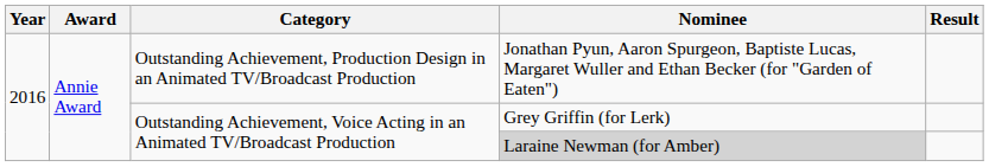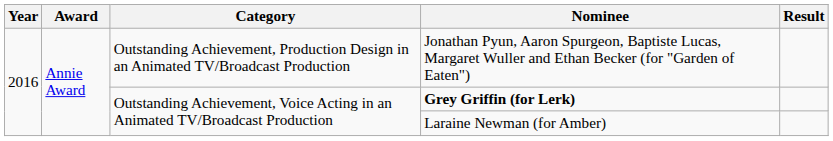 <table class=wikitable>
 <tr>
 <th>Year</th>
 <th>Award</th>
 <th>Category</th>
 <th>Nominee</th>
 <th>Result</th>
 </tr>
 <tr>
 <td rowspan=3>2016</td>
 <td rowspan=3><a href='#'>Annie Award</a></td>
 <td>Outstanding Achievement, Production Design in an Animated TV/Broadcast Production</td>
 <td>Jonathan Pyun, Aaron Spurgeon, Baptiste Lucas, Margaret Wuller and Ethan Becker (for "Garden of Eaten")</td>
 <td></td>
 </tr>
 <tr>
 <td rowspan=2>Outstanding Achievement, Voice Acting in an Animated TV/Broadcast Production</td>
-<td>Grey Griffin (for Lerk)</td>
+<td><strong>Grey Griffin (for Lerk)</strong></td>
 <td></td>
 </tr>
 <tr>
-<td style="background: lightgrey;">Laraine Newman (for Amber)</td>
+<td>Laraine Newman (for Amber)</td>
 <td></td>
 </tr>
 </table>
